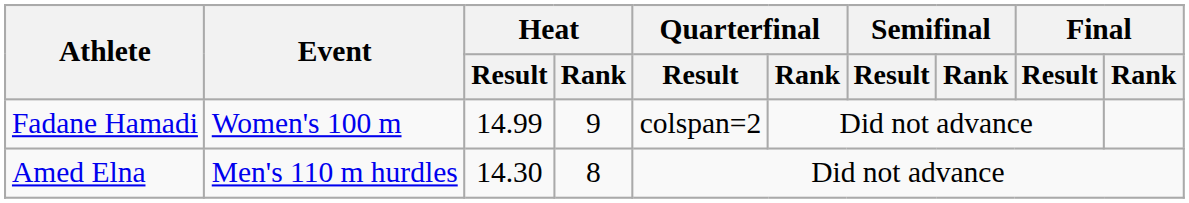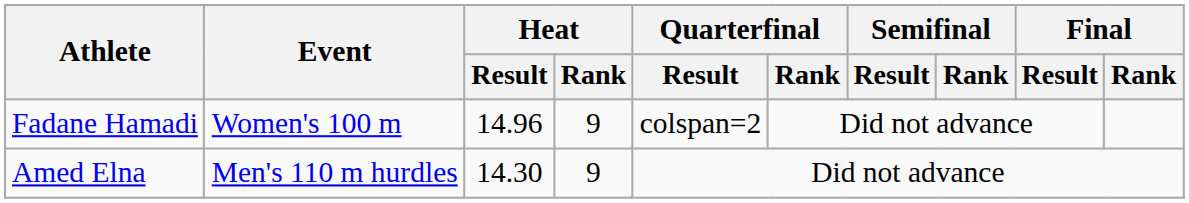 <table class="wikitable" style="font-size:90%">
 <tr>
 <th rowspan="2">Athlete</th>
 <th rowspan="2">Event</th>
 <th colspan="2">Heat</th>
 <th colspan="2">Quarterfinal</th>
 <th colspan="2">Semifinal</th>
 <th colspan="2">Final</th>
 </tr>
 <tr style="font-size:95%">
 <th>Result</th>
 <th>Rank</th>
 <th>Result</th>
 <th>Rank</th>
 <th>Result</th>
 <th>Rank</th>
 <th>Result</th>
 <th>Rank</th>
 </tr>
 <tr align=center>
 <td align=left><a href='#'>Fadane Hamadi</a></td>
 <td align=left><a href='#'>Women's 100 m</a></td>
-<td>14.99</td>
+<td>14.96</td>
 <td>9</td>
 <td>colspan=2 </td>
 <td colspan=4>Did not advance</td>
 </tr>
 <tr align=center>
 <td align=left><a href='#'>Amed Elna</a></td>
 <td align=left><a href='#'>Men's 110 m hurdles</a></td>
 <td>14.30</td>
-<td>8</td>
+<td>9</td>
 <td colspan=6>Did not advance</td>
 </tr>
 </table>
